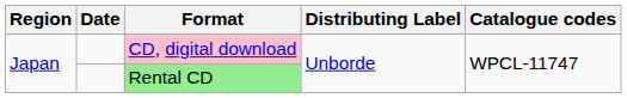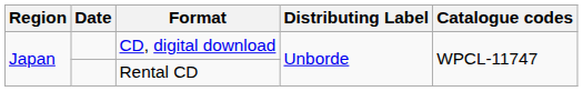 <table class="wikitable">
 <tr>
 <th>Region</th>
 <th>Date</th>
 <th>Format</th>
 <th>Distributing Label</th>
 <th>Catalogue codes</th>
 </tr>
 <tr>
 <td rowspan=2><a href='#'>Japan</a></td>
 <td></td>
-<td style="background: pink;"><a href='#'>CD</a>, <a href='#'>digital download</a></td>
+<td><a href='#'>CD</a>, <a href='#'>digital download</a></td>
 <td rowspan=2><a href='#'>Unborde</a></td>
 <td rowspan=2>WPCL-11747</td>
 </tr>
 <tr>
 <td></td>
-<td style="background: lightgreen;">Rental CD</td>
+<td>Rental CD</td>
 </tr>
 </table>
